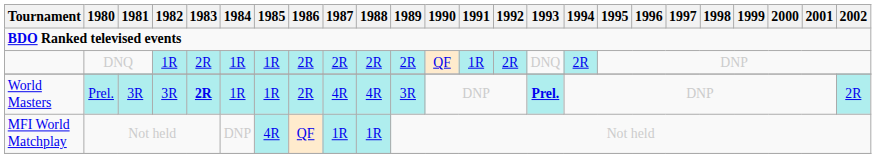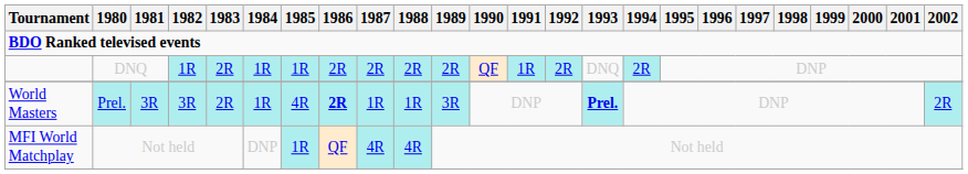 <table class=wikitable style=text-align:center;font-size:88%>
 <tr>
 <th>Tournament</th>
 <th>1980</th>
 <th>1981</th>
 <th>1982</th>
 <th>1983</th>
 <th>1984</th>
 <th>1985</th>
 <th>1986</th>
 <th>1987</th>
 <th>1988</th>
 <th>1989</th>
 <th>1990</th>
 <th>1991</th>
 <th>1992</th>
 <th>1993</th>
 <th>1994</th>
 <th>1995</th>
 <th>1996</th>
 <th>1997</th>
 <th>1998</th>
 <th>1999</th>
 <th>2000</th>
 <th>2001</th>
 <th>2002</th>
 </tr>
 <tr>
 <td colspan="24" align="left"><strong><a href='#'>BDO</a> Ranked televised events</strong></td>
 </tr>
 <tr>
 <td align=left></td>
 <td colspan="2" style="text-align:center; color:#ccc;">DNQ</td>
 <td style="text-align:center; background:#afeeee;"><a href='#'>1R</a></td>
 <td style="text-align:center; background:#afeeee;"><a href='#'>2R</a></td>
 <td style="text-align:center; background:#afeeee;"><a href='#'>1R</a></td>
 <td style="text-align:center; background:#afeeee;"><a href='#'>1R</a></td>
 <td style="text-align:center; background:#afeeee;"><a href='#'>2R</a></td>
 <td style="text-align:center; background:#afeeee;"><a href='#'>2R</a></td>
 <td style="text-align:center; background:#afeeee;"><a href='#'>2R</a></td>
 <td style="text-align:center; background:#afeeee;"><a href='#'>2R</a></td>
 <td style="text-align:center; background:#ffebcd;"><a href='#'>QF</a></td>
 <td style="text-align:center; background:#afeeee;"><a href='#'>1R</a></td>
 <td style="text-align:center; background:#afeeee;"><a href='#'>2R</a></td>
 <td style="text-align:center; color:#ccc;">DNQ</td>
 <td style="text-align:center; background:#afeeee;"><a href='#'>2R</a></td>
 <td colspan="8" style="text-align:center; color:#ccc;">DNP</td>
 </tr>
 <tr>
 </tr>
 <tr>
 <td align=left><a href='#'>World Masters</a></td>
 <td style="text-align:center; background:#afeeee;"><a href='#'>Prel.</a></td>
 <td style="text-align:center; background:#afeeee;"><a href='#'>3R</a></td>
 <td style="text-align:center; background:#afeeee;"><a href='#'>3R</a></td>
+<td style="text-align:center; background:#afeeee;"><a href='#'>2R</a></td>
+<td style="text-align:center; background:#afeeee;"><a href='#'>1R</a></td>
+<td style="text-align:center; background:#afeeee;"><a href='#'>4R</a></td>
 <td style="text-align:center; background:#afeeee;"><strong><a href='#'>2R</a></strong></td>
 <td style="text-align:center; background:#afeeee;"><a href='#'>1R</a></td>
 <td style="text-align:center; background:#afeeee;"><a href='#'>1R</a></td>
-<td style="text-align:center; background:#afeeee;"><a href='#'>2R</a></td>
-<td style="text-align:center; background:#afeeee;"><a href='#'>4R</a></td>
-<td style="text-align:center; background:#afeeee;"><a href='#'>4R</a></td>
 <td style="text-align:center; background:#afeeee;"><a href='#'>3R</a></td>
 <td colspan="3" style="text-align:center; color:#ccc;">DNP</td>
 <td style="text-align:center; background:#afeeee;"><strong><a href='#'>Prel.</a></strong></td>
 <td colspan="8" style="text-align:center; color:#ccc;">DNP</td>
 <td style="text-align:center; background:#afeeee;"><a href='#'>2R</a></td>
 </tr>
 <tr>
 <td align=left><a href='#'>MFI World Matchplay</a></td>
 <td colspan="4" style="text-align:center; color:#ccc;">Not held</td>
 <td style="text-align:center; color:#ccc;">DNP</td>
+<td style="text-align:center; background:#afeeee;"><a href='#'>1R</a></td>
+<td style="text-align:center; background:#ffebcd;"><a href='#'>QF</a></td>
 <td style="text-align:center; background:#afeeee;"><a href='#'>4R</a></td>
-<td style="text-align:center; background:#ffebcd;"><a href='#'>QF</a></td>
-<td style="text-align:center; background:#afeeee;"><a href='#'>1R</a></td>
-<td style="text-align:center; background:#afeeee;"><a href='#'>1R</a></td>
+<td style="text-align:center; background:#afeeee;"><a href='#'>4R</a></td>
 <td colspan="16" style="text-align:center; color:#ccc;">Not held</td>
 </tr>
 <tr>
 </tr>
 </table>
